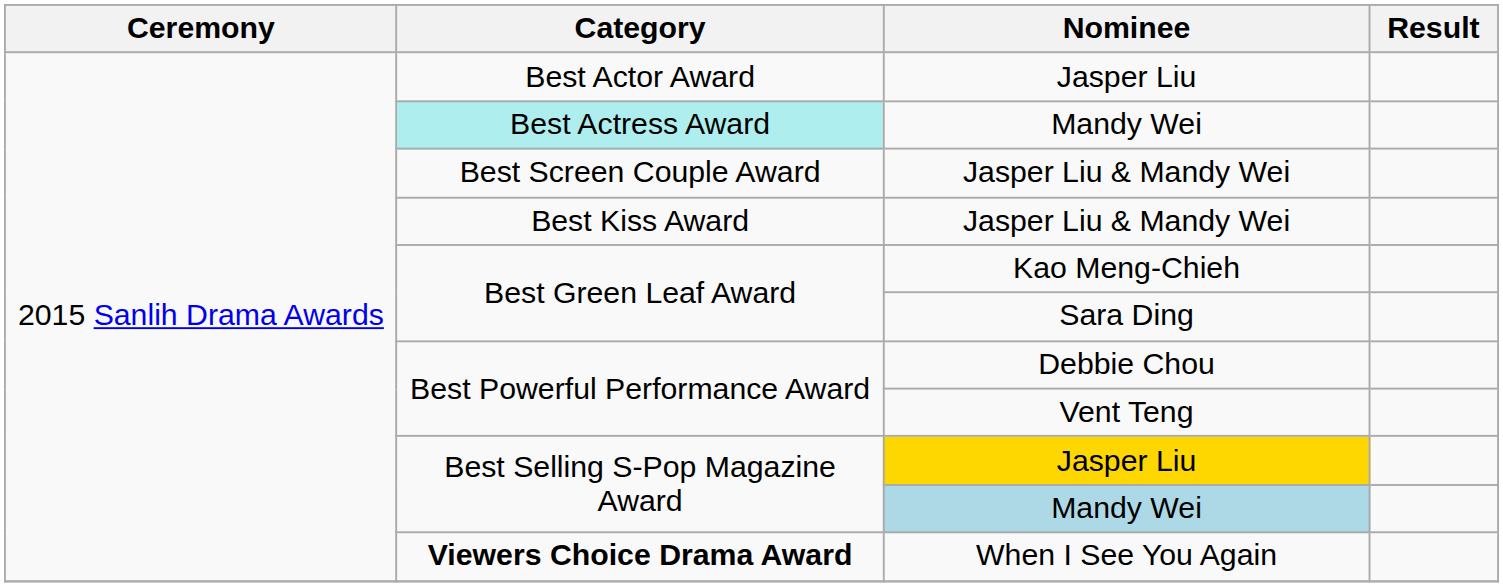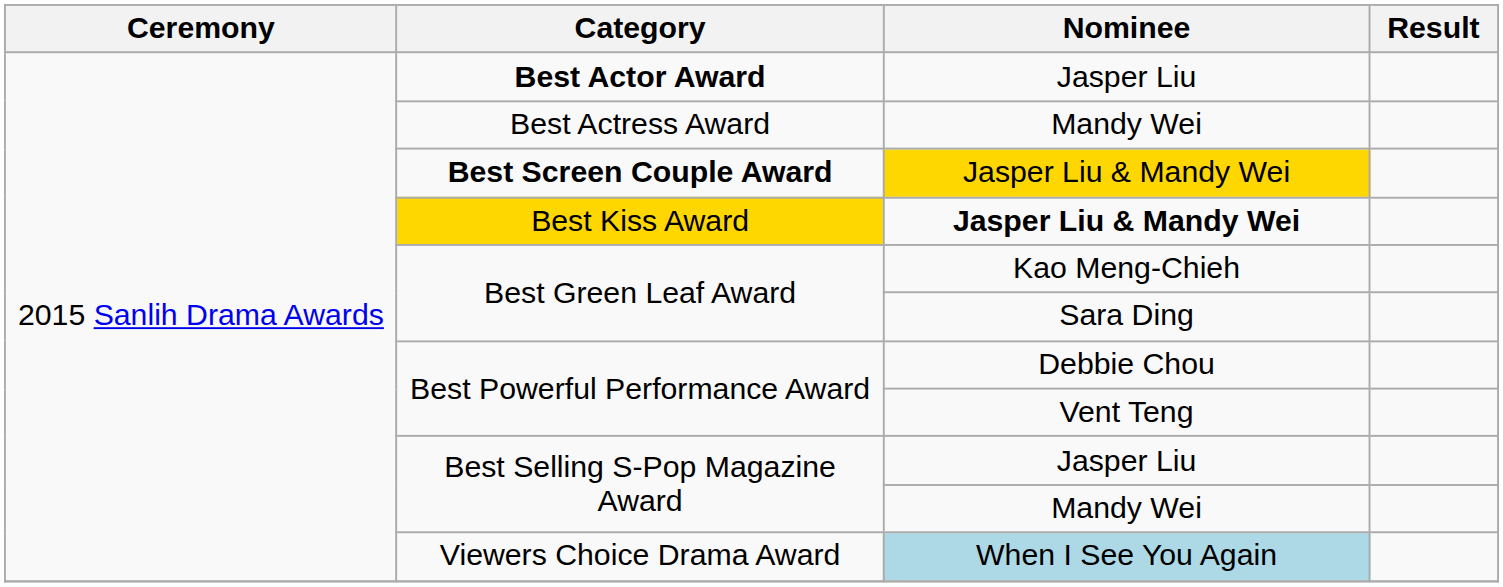 <table class="wikitable" style="text-align:center;">
 <tr>
 <th style="width:200px;">Ceremony</th>
 <th style="width:250px;">Category</th>
 <th style="width:250px;">Nominee</th>
 <th style="width:60px;">Result</th>
 </tr>
 <tr>
 <td rowspan=11>2015 <a href='#'>Sanlih Drama Awards</a></td>
-<td>Best Actor Award</td>
+<td><strong>Best Actor Award</strong></td>
 <td>Jasper Liu</td>
 <td></td>
 </tr>
 <tr>
-<td style="background: paleturquoise;">Best Actress Award</td>
+<td>Best Actress Award</td>
 <td>Mandy Wei</td>
 <td></td>
 </tr>
 <tr>
-<td>Best Screen Couple Award</td>
-<td>Jasper Liu & Mandy Wei</td>
+<td><strong>Best Screen Couple Award</strong></td>
+<td style="background: gold;">Jasper Liu & Mandy Wei</td>
 <td></td>
 </tr>
 <tr>
-<td>Best Kiss Award</td>
-<td>Jasper Liu & Mandy Wei</td>
+<td style="background: gold;">Best Kiss Award</td>
+<td><strong>Jasper Liu & Mandy Wei</strong></td>
 <td></td>
 </tr>
 <tr>
 <td rowspan=2>Best Green Leaf Award</td>
 <td>Kao Meng-Chieh</td>
 <td></td>
 </tr>
 <tr>
 <td>Sara Ding</td>
 <td></td>
 </tr>
 <tr>
 <td rowspan=2>Best Powerful Performance Award</td>
 <td>Debbie Chou</td>
 <td></td>
 </tr>
 <tr>
 <td>Vent Teng</td>
 <td></td>
 </tr>
 <tr>
 <td rowspan=2>Best Selling S-Pop Magazine Award</td>
-<td style="background: gold;">Jasper Liu</td>
+<td>Jasper Liu</td>
 <td></td>
 </tr>
 <tr>
-<td style="background: lightblue;">Mandy Wei</td>
+<td>Mandy Wei</td>
 <td></td>
 </tr>
 <tr>
-<td><strong>Viewers Choice Drama Award</strong></td>
-<td>When I See You Again</td>
+<td>Viewers Choice Drama Award</td>
+<td style="background: lightblue;">When I See You Again</td>
 <td></td>
 </tr>
 <tr>
 </tr>
 </table>
